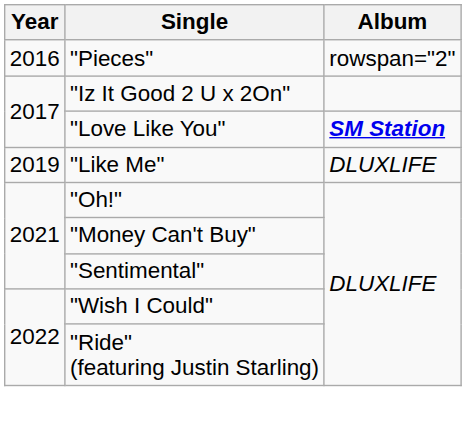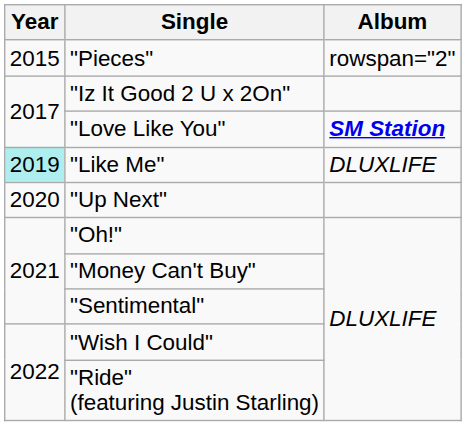 <table class="wikitable">
 <tr>
 <th>Year</th>
 <th>Single</th>
 <th>Album</th>
 </tr>
 <tr>
-<td>2016</td>
+<td>2015</td>
 <td>"Pieces"</td>
 <td>rowspan="2" </td>
 </tr>
 <tr>
 <td rowspan=2>2017</td>
 <td>"Iz It Good 2 U x 2On"</td>
 </tr>
 <tr>
 <td>"Love Like You"</td>
 <td><strong><em><a href='#'>SM Station</a></em></strong></td>
 </tr>
 <tr>
-<td>2019</td>
+<td style="background: paleturquoise;">2019</td>
 <td>"Like Me"</td>
 <td><em>DLUXLIFE</em></td>
+</tr>
+<tr>
+<td>2020</td>
+<td>"Up Next"</td>
+<td></td>
 </tr>
 <tr>
 <td rowspan=3>2021</td>
 <td>"Oh!"</td>
 <td rowspan=5><em>DLUXLIFE</em></td>
 </tr>
 <tr>
 <td>"Money Can't Buy"</td>
 </tr>
 <tr>
 <td>"Sentimental"</td>
 </tr>
 <tr>
 <td rowspan=2>2022</td>
 <td>"Wish I Could"</td>
 </tr>
 <tr>
 <td>"Ride"<br><span>(featuring Justin Starling)</span></td>
 </tr>
 </table>
